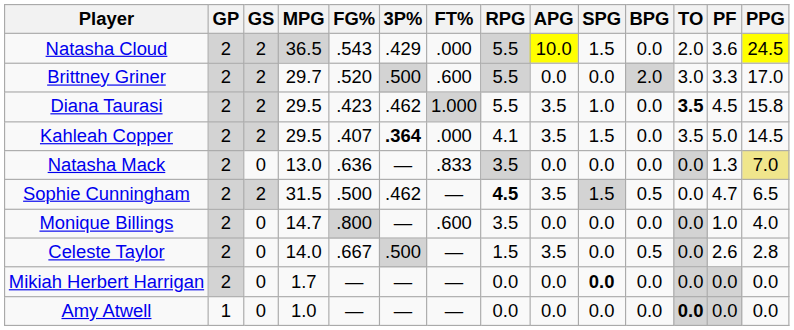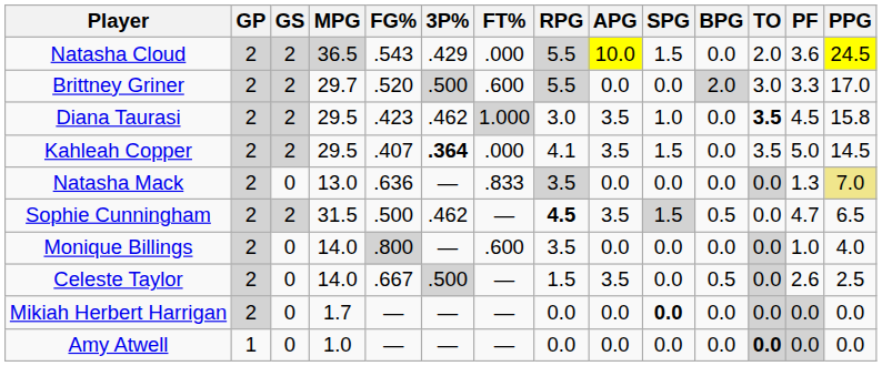 <table class="wikitable sortable" style="text-align:center;">
 <tr>
 <th>Player</th>
 <th>GP</th>
 <th>GS</th>
 <th>MPG</th>
 <th>FG%</th>
 <th>3P%</th>
 <th>FT%</th>
 <th>RPG</th>
 <th>APG</th>
 <th>SPG</th>
 <th>BPG</th>
 <th>TO</th>
 <th>PF</th>
 <th>PPG</th>
 </tr>
 <tr>
 <td><a href='#'>Natasha Cloud</a></td>
 <td style="background:#D3D3D3;">2</td>
 <td style="background:#D3D3D3;">2</td>
 <td style="background:#D3D3D3;">36.5</td>
 <td>.543</td>
 <td>.429</td>
 <td>.000</td>
 <td style="background:#D3D3D3;">5.5</td>
 <td style="background:yellow;">10.0</td>
 <td>1.5</td>
 <td>0.0</td>
 <td>2.0</td>
 <td>3.6</td>
 <td style="background:yellow;">24.5</td>
 </tr>
 <tr>
 <td><a href='#'>Brittney Griner</a></td>
 <td style="background:#D3D3D3;">2</td>
 <td style="background:#D3D3D3;">2</td>
 <td>29.7</td>
 <td>.520</td>
 <td style="background:#D3D3D3;">.500</td>
 <td>.600</td>
 <td style="background:#D3D3D3;">5.5</td>
 <td>0.0</td>
 <td>0.0</td>
 <td style="background:#D3D3D3;">2.0</td>
 <td>3.0</td>
 <td>3.3</td>
 <td>17.0</td>
 </tr>
 <tr>
 <td><a href='#'>Diana Taurasi</a></td>
 <td style="background:#D3D3D3;">2</td>
 <td style="background:#D3D3D3;">2</td>
 <td>29.5</td>
 <td>.423</td>
 <td>.462</td>
 <td style="background:#D3D3D3;">1.000</td>
-<td>5.5</td>
+<td>3.0</td>
 <td>3.5</td>
 <td>1.0</td>
 <td>0.0</td>
 <td><strong>3.5</strong></td>
 <td>4.5</td>
 <td>15.8</td>
 </tr>
 <tr>
 <td><a href='#'>Kahleah Copper</a></td>
 <td style="background:#D3D3D3;">2</td>
 <td style="background:#D3D3D3;">2</td>
 <td>29.5</td>
 <td>.407</td>
 <td><strong>.364</strong></td>
 <td>.000</td>
 <td>4.1</td>
 <td>3.5</td>
 <td>1.5</td>
 <td>0.0</td>
 <td>3.5</td>
 <td>5.0</td>
 <td>14.5</td>
 </tr>
 <tr>
 <td><a href='#'>Natasha Mack</a></td>
 <td style="background:#D3D3D3;">2</td>
 <td>0</td>
 <td>13.0</td>
 <td>.636</td>
 <td>—</td>
 <td>.833</td>
 <td style="background: lightgrey;">3.5</td>
 <td>0.0</td>
 <td>0.0</td>
 <td>0.0</td>
 <td style="background:#D3D3D3;">0.0</td>
 <td>1.3</td>
 <td style="background: khaki;">7.0</td>
 </tr>
 <tr>
 <td><a href='#'>Sophie Cunningham</a></td>
 <td style="background:#D3D3D3;">2</td>
 <td style="background:#D3D3D3;">2</td>
 <td>31.5</td>
 <td>.500</td>
 <td>.462</td>
 <td>—</td>
 <td><strong>4.5</strong></td>
 <td>3.5</td>
 <td style="background:#D3D3D3;">1.5</td>
 <td>0.5</td>
 <td>0.0</td>
 <td>4.7</td>
 <td>6.5</td>
 </tr>
 <tr>
 <td><a href='#'>Monique Billings</a></td>
 <td style="background:#D3D3D3;">2</td>
 <td>0</td>
-<td>14.7</td>
+<td>14.0</td>
 <td style="background:#D3D3D3;">.800</td>
 <td>—</td>
 <td>.600</td>
 <td>3.5</td>
 <td>0.0</td>
 <td>0.0</td>
 <td>0.0</td>
 <td style="background:#D3D3D3;">0.0</td>
 <td>1.0</td>
 <td>4.0</td>
 </tr>
 <tr>
 <td><a href='#'>Celeste Taylor</a></td>
 <td style="background:#D3D3D3;">2</td>
 <td>0</td>
 <td>14.0</td>
 <td>.667</td>
 <td style="background:#D3D3D3;">.500</td>
 <td>—</td>
 <td>1.5</td>
 <td>3.5</td>
 <td>0.0</td>
 <td>0.5</td>
 <td style="background:#D3D3D3;">0.0</td>
 <td>2.6</td>
-<td>2.8</td>
+<td>2.5</td>
 </tr>
 <tr>
 <td><a href='#'>Mikiah Herbert Harrigan</a></td>
 <td style="background:#D3D3D3;">2</td>
 <td>0</td>
 <td>1.7</td>
 <td>—</td>
 <td>—</td>
 <td>—</td>
 <td>0.0</td>
 <td>0.0</td>
 <td><strong>0.0</strong></td>
 <td>0.0</td>
 <td style="background:#D3D3D3;">0.0</td>
 <td style="background:#D3D3D3;">0.0</td>
 <td>0.0</td>
 </tr>
 <tr>
 <td><a href='#'>Amy Atwell</a></td>
 <td>1</td>
 <td>0</td>
 <td>1.0</td>
 <td>—</td>
 <td>—</td>
 <td>—</td>
 <td>0.0</td>
 <td>0.0</td>
 <td>0.0</td>
 <td>0.0</td>
 <td style="background:#D3D3D3;"><strong>0.0</strong></td>
 <td style="background:#D3D3D3;">0.0</td>
 <td>0.0</td>
 </tr>
 </table>
